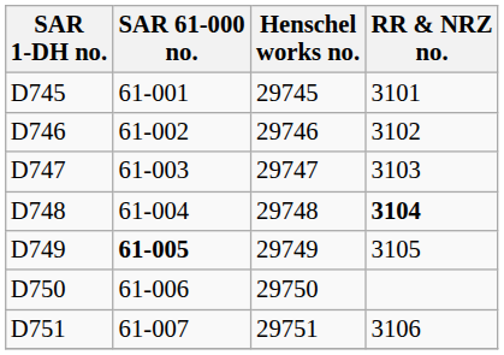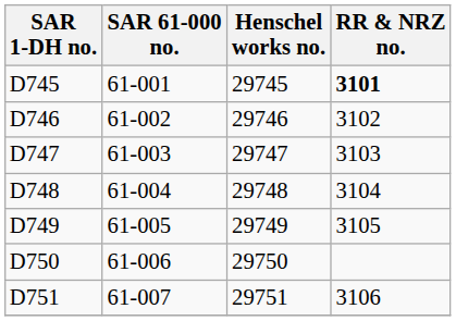 <table class="wikitable collapsible collapsed sortable" style="margin:0.5em auto; font-size:100%;">
 <tr>
 <th>SAR<br>1-DH no.</th>
 <th>SAR 61-000<br>no.</th>
 <th>Henschel<br>works no.</th>
 <th>RR & NRZ<br>no.</th>
 </tr>
 <tr>
 <td>D745</td>
 <td>61-001</td>
 <td>29745</td>
-<td>3101</td>
+<td><strong>3101</strong></td>
 </tr>
 <tr>
 <td>D746</td>
 <td>61-002</td>
 <td>29746</td>
 <td>3102</td>
 </tr>
 <tr>
 <td>D747</td>
 <td>61-003</td>
 <td>29747</td>
 <td>3103</td>
 </tr>
 <tr>
 <td>D748</td>
 <td>61-004</td>
 <td>29748</td>
-<td><strong>3104</strong></td>
+<td>3104</td>
 </tr>
 <tr>
 <td>D749</td>
-<td><strong>61-005</strong></td>
+<td>61-005</td>
 <td>29749</td>
 <td>3105</td>
 </tr>
 <tr>
 <td>D750</td>
 <td>61-006</td>
 <td>29750</td>
 <td></td>
 </tr>
 <tr>
 <td>D751</td>
 <td>61-007</td>
 <td>29751</td>
 <td>3106</td>
 </tr>
 <tr>
 </tr>
 </table>
